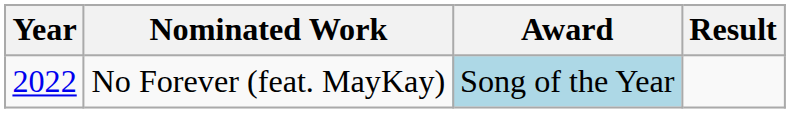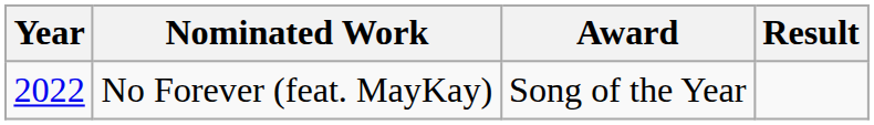 <table class="wikitable">
 <tr>
 <th>Year</th>
 <th>Nominated Work</th>
 <th>Award</th>
 <th>Result</th>
 </tr>
 <tr>
 <td rowspan="3"><a href='#'>2022</a></td>
 <td>No Forever (feat. MayKay)</td>
-<td style="background: lightblue;">Song of the Year</td>
+<td>Song of the Year</td>
 <td></td>
 </tr>
 </table>
